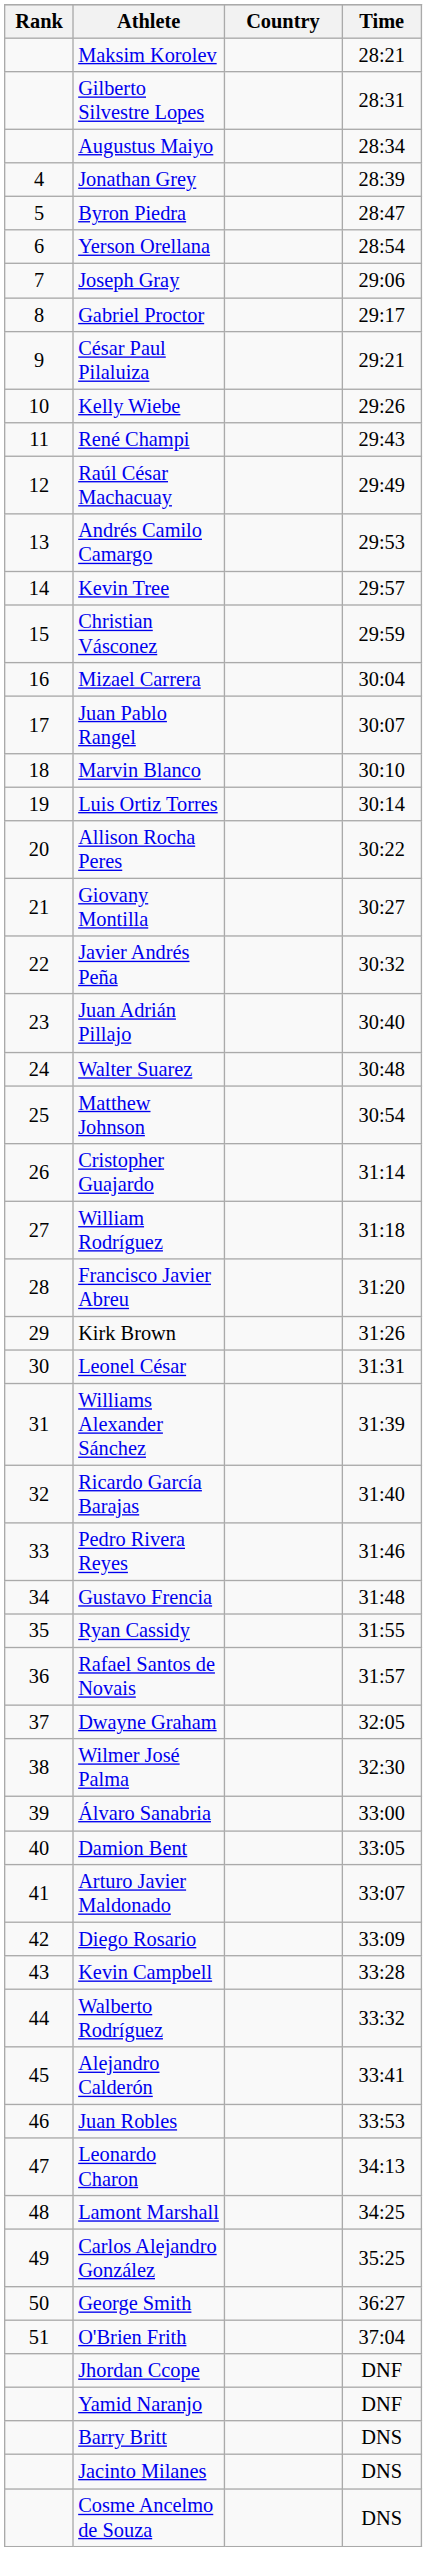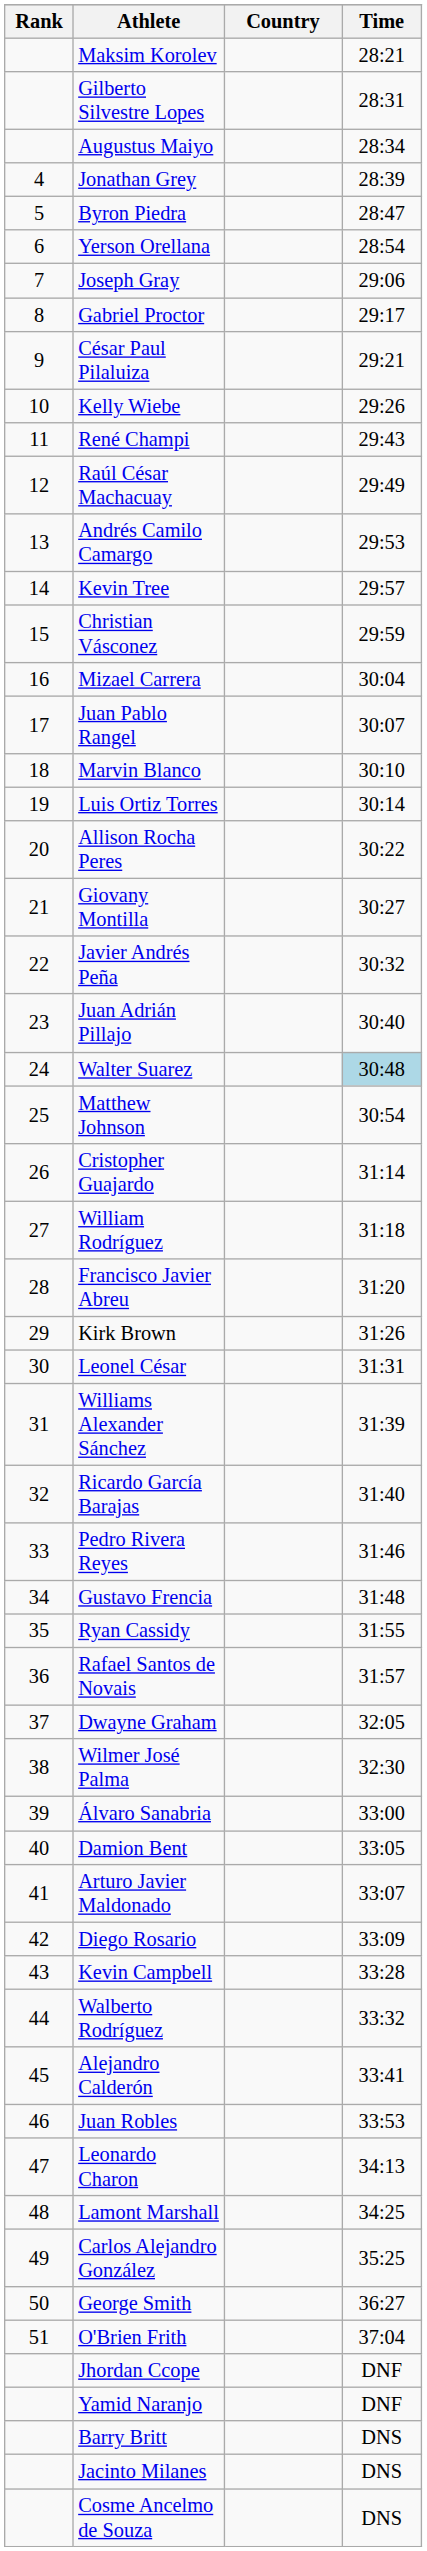 <table class="wikitable sortable" style=" text-align:center; font-size:95%;" width="50%">
 <tr>
 </tr>
 <tr>
 <th width=5%>Rank</th>
 <th width=20%>Athlete</th>
 <th width=15%>Country</th>
 <th width=10%>Time</th>
 </tr>
 <tr>
 <td align=center></td>
 <td align=left><a href='#'>Maksim Korolev</a></td>
 <td align=left></td>
 <td>28:21</td>
 </tr>
 <tr>
 <td align=center></td>
 <td align=left><a href='#'>Gilberto Silvestre Lopes</a></td>
 <td align=left></td>
 <td>28:31</td>
 </tr>
 <tr>
 <td align=center></td>
 <td align=left><a href='#'>Augustus Maiyo</a></td>
 <td align=left></td>
 <td>28:34</td>
 </tr>
 <tr>
 <td align=center>4</td>
 <td align=left><a href='#'>Jonathan Grey</a></td>
 <td align=left></td>
 <td>28:39</td>
 </tr>
 <tr>
 <td align=center>5</td>
 <td align=left><a href='#'>Byron Piedra</a></td>
 <td align=left></td>
 <td>28:47</td>
 </tr>
 <tr>
 <td align=center>6</td>
 <td align=left><a href='#'>Yerson Orellana</a></td>
 <td align=left></td>
 <td>28:54</td>
 </tr>
 <tr>
 <td align=center>7</td>
 <td align=left><a href='#'>Joseph Gray</a></td>
 <td align=left></td>
 <td>29:06</td>
 </tr>
 <tr>
 <td align=center>8</td>
 <td align=left><a href='#'>Gabriel Proctor</a></td>
 <td align=left></td>
 <td>29:17</td>
 </tr>
 <tr>
 <td align=center>9</td>
 <td align=left><a href='#'>César Paul Pilaluiza</a></td>
 <td align=left></td>
 <td>29:21</td>
 </tr>
 <tr>
 <td align=center>10</td>
 <td align=left><a href='#'>Kelly Wiebe</a></td>
 <td align=left></td>
 <td>29:26</td>
 </tr>
 <tr>
 <td align=center>11</td>
 <td align=left><a href='#'>René Champi</a></td>
 <td align=left></td>
 <td>29:43</td>
 </tr>
 <tr>
 <td align=center>12</td>
 <td align=left><a href='#'>Raúl César Machacuay</a></td>
 <td align=left></td>
 <td>29:49</td>
 </tr>
 <tr>
 <td align=center>13</td>
 <td align=left><a href='#'>Andrés Camilo Camargo</a></td>
 <td align=left></td>
 <td>29:53</td>
 </tr>
 <tr>
 <td align=center>14</td>
 <td align=left><a href='#'>Kevin Tree</a></td>
 <td align=left></td>
 <td>29:57</td>
 </tr>
 <tr>
 <td align=center>15</td>
 <td align=left><a href='#'>Christian Vásconez</a></td>
 <td align=left></td>
 <td>29:59</td>
 </tr>
 <tr>
 <td align=center>16</td>
 <td align=left><a href='#'>Mizael Carrera</a></td>
 <td align=left></td>
 <td>30:04</td>
 </tr>
 <tr>
 <td align=center>17</td>
 <td align=left><a href='#'>Juan Pablo Rangel</a></td>
 <td align=left></td>
 <td>30:07</td>
 </tr>
 <tr>
 <td align=center>18</td>
 <td align=left><a href='#'>Marvin Blanco</a></td>
 <td align=left></td>
 <td>30:10</td>
 </tr>
 <tr>
 <td align=center>19</td>
 <td align=left><a href='#'>Luis Ortiz Torres</a></td>
 <td align=left></td>
 <td>30:14</td>
 </tr>
 <tr>
 <td align=center>20</td>
 <td align=left><a href='#'>Allison Rocha Peres</a></td>
 <td align=left></td>
 <td>30:22</td>
 </tr>
 <tr>
 <td align=center>21</td>
 <td align=left><a href='#'>Giovany Montilla</a></td>
 <td align=left></td>
 <td>30:27</td>
 </tr>
 <tr>
 <td align=center>22</td>
 <td align=left><a href='#'>Javier Andrés Peña</a></td>
 <td align=left></td>
 <td>30:32</td>
 </tr>
 <tr>
 <td align=center>23</td>
 <td align=left><a href='#'>Juan Adrián Pillajo</a></td>
 <td align=left></td>
 <td>30:40</td>
 </tr>
 <tr>
 <td align=center>24</td>
 <td align=left><a href='#'>Walter Suarez</a></td>
 <td align=left></td>
-<td>30:48</td>
+<td style="background: lightblue;">30:48</td>
 </tr>
 <tr>
 <td align=center>25</td>
 <td align=left><a href='#'>Matthew Johnson</a></td>
 <td align=left></td>
 <td>30:54</td>
 </tr>
 <tr>
 <td align=center>26</td>
 <td align=left><a href='#'>Cristopher Guajardo</a></td>
 <td align=left></td>
 <td>31:14</td>
 </tr>
 <tr>
 <td align=center>27</td>
 <td align=left><a href='#'>William Rodríguez</a></td>
 <td align=left></td>
 <td>31:18</td>
 </tr>
 <tr>
 <td align=center>28</td>
 <td align=left><a href='#'>Francisco Javier Abreu</a></td>
 <td align=left></td>
 <td>31:20</td>
 </tr>
 <tr>
 <td align=center>29</td>
 <td align=left>Kirk Brown</td>
 <td align=left></td>
 <td>31:26</td>
 </tr>
 <tr>
 <td align=center>30</td>
 <td align=left><a href='#'>Leonel César</a></td>
 <td align=left></td>
 <td>31:31</td>
 </tr>
 <tr>
 <td align=center>31</td>
 <td align=left><a href='#'>Williams Alexander Sánchez</a></td>
 <td align=left></td>
 <td>31:39</td>
 </tr>
 <tr>
 <td align=center>32</td>
 <td align=left><a href='#'>Ricardo García Barajas</a></td>
 <td align=left></td>
 <td>31:40</td>
 </tr>
 <tr>
 <td align=center>33</td>
 <td align=left><a href='#'>Pedro Rivera Reyes</a></td>
 <td align=left></td>
 <td>31:46</td>
 </tr>
 <tr>
 <td align=center>34</td>
 <td align=left><a href='#'>Gustavo Frencia</a></td>
 <td align=left></td>
 <td>31:48</td>
 </tr>
 <tr>
 <td align=center>35</td>
 <td align=left><a href='#'>Ryan Cassidy</a></td>
 <td align=left></td>
 <td>31:55</td>
 </tr>
 <tr>
 <td align=center>36</td>
 <td align=left><a href='#'>Rafael Santos de Novais</a></td>
 <td align=left></td>
 <td>31:57</td>
 </tr>
 <tr>
 <td align=center>37</td>
 <td align=left><a href='#'>Dwayne Graham</a></td>
 <td align=left></td>
 <td>32:05</td>
 </tr>
 <tr>
 <td align=center>38</td>
 <td align=left><a href='#'>Wilmer José Palma</a></td>
 <td align=left></td>
 <td>32:30</td>
 </tr>
 <tr>
 <td align=center>39</td>
 <td align=left><a href='#'>Álvaro Sanabria</a></td>
 <td align=left></td>
 <td>33:00</td>
 </tr>
 <tr>
 <td align=center>40</td>
 <td align=left><a href='#'>Damion Bent</a></td>
 <td align=left></td>
 <td>33:05</td>
 </tr>
 <tr>
 <td align=center>41</td>
 <td align=left><a href='#'>Arturo Javier Maldonado</a></td>
 <td align=left></td>
 <td>33:07</td>
 </tr>
 <tr>
 <td align=center>42</td>
 <td align=left><a href='#'>Diego Rosario</a></td>
 <td align=left></td>
 <td>33:09</td>
 </tr>
 <tr>
 <td align=center>43</td>
 <td align=left><a href='#'>Kevin Campbell</a></td>
 <td align=left></td>
 <td>33:28</td>
 </tr>
 <tr>
 <td align=center>44</td>
 <td align=left><a href='#'>Walberto Rodríguez</a></td>
 <td align=left></td>
 <td>33:32</td>
 </tr>
 <tr>
 <td align=center>45</td>
 <td align=left><a href='#'>Alejandro Calderón</a></td>
 <td align=left></td>
 <td>33:41</td>
 </tr>
 <tr>
 <td align=center>46</td>
 <td align=left><a href='#'>Juan Robles</a></td>
 <td align=left></td>
 <td>33:53</td>
 </tr>
 <tr>
 <td align=center>47</td>
 <td align=left><a href='#'>Leonardo Charon</a></td>
 <td align=left></td>
 <td>34:13</td>
 </tr>
 <tr>
 <td align=center>48</td>
 <td align=left><a href='#'>Lamont Marshall</a></td>
 <td align=left></td>
 <td>34:25</td>
 </tr>
 <tr>
 <td align=center>49</td>
 <td align=left><a href='#'>Carlos Alejandro González</a></td>
 <td align=left></td>
 <td>35:25</td>
 </tr>
 <tr>
 <td align=center>50</td>
 <td align=left><a href='#'>George Smith</a></td>
 <td align=left></td>
 <td>36:27</td>
 </tr>
 <tr>
 <td align=center>51</td>
 <td align=left><a href='#'>O'Brien Frith</a></td>
 <td align=left></td>
 <td>37:04</td>
 </tr>
 <tr>
 <td align=center></td>
 <td align=left><a href='#'>Jhordan Ccope</a></td>
 <td align=left></td>
 <td>DNF</td>
 </tr>
 <tr>
 <td align=center></td>
 <td align=left><a href='#'>Yamid Naranjo</a></td>
 <td align=left></td>
 <td>DNF</td>
 </tr>
 <tr>
 <td align=center></td>
 <td align=left><a href='#'>Barry Britt</a></td>
 <td align=left></td>
 <td>DNS</td>
 </tr>
 <tr>
 <td align=center></td>
 <td align=left><a href='#'>Jacinto Milanes</a></td>
 <td align=left></td>
 <td>DNS</td>
 </tr>
 <tr>
 <td align=center></td>
 <td align=left><a href='#'>Cosme Ancelmo de Souza</a></td>
 <td align=left></td>
 <td>DNS</td>
 </tr>
 </table>
